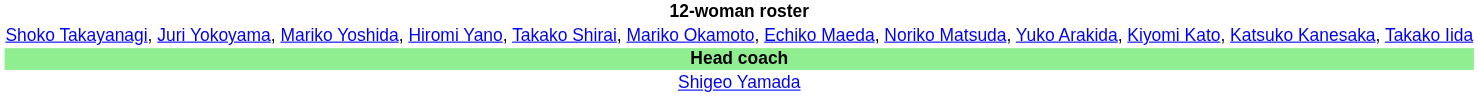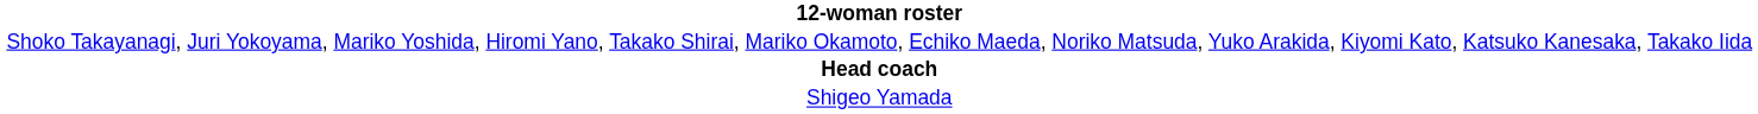 <table style="text-align:center; margin-top:2em; margin-left:auto; margin-right:auto">
 <tr>
 <td><strong>12-woman roster</strong></td>
 </tr>
 <tr>
 <td><a href='#'>Shoko Takayanagi</a>, <a href='#'>Juri Yokoyama</a>, <a href='#'>Mariko Yoshida</a>, <a href='#'>Hiromi Yano</a>, <a href='#'>Takako Shirai</a>, <a href='#'>Mariko Okamoto</a>, <a href='#'>Echiko Maeda</a>, <a href='#'>Noriko Matsuda</a>, <a href='#'>Yuko Arakida</a>, <a href='#'>Kiyomi Kato</a>, <a href='#'>Katsuko Kanesaka</a>, <a href='#'>Takako Iida</a></td>
 </tr>
 <tr>
-<td style="background: lightgreen;"><strong>Head coach</strong></td>
+<td><strong>Head coach</strong></td>
 </tr>
 <tr>
 <td><a href='#'>Shigeo Yamada</a></td>
 </tr>
 </table>
